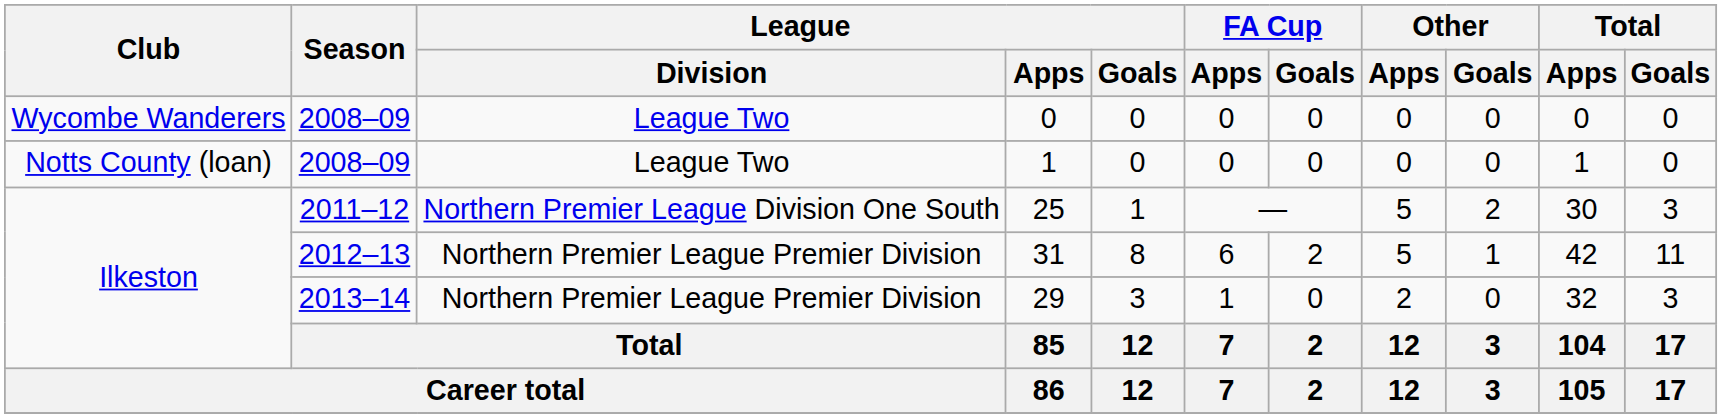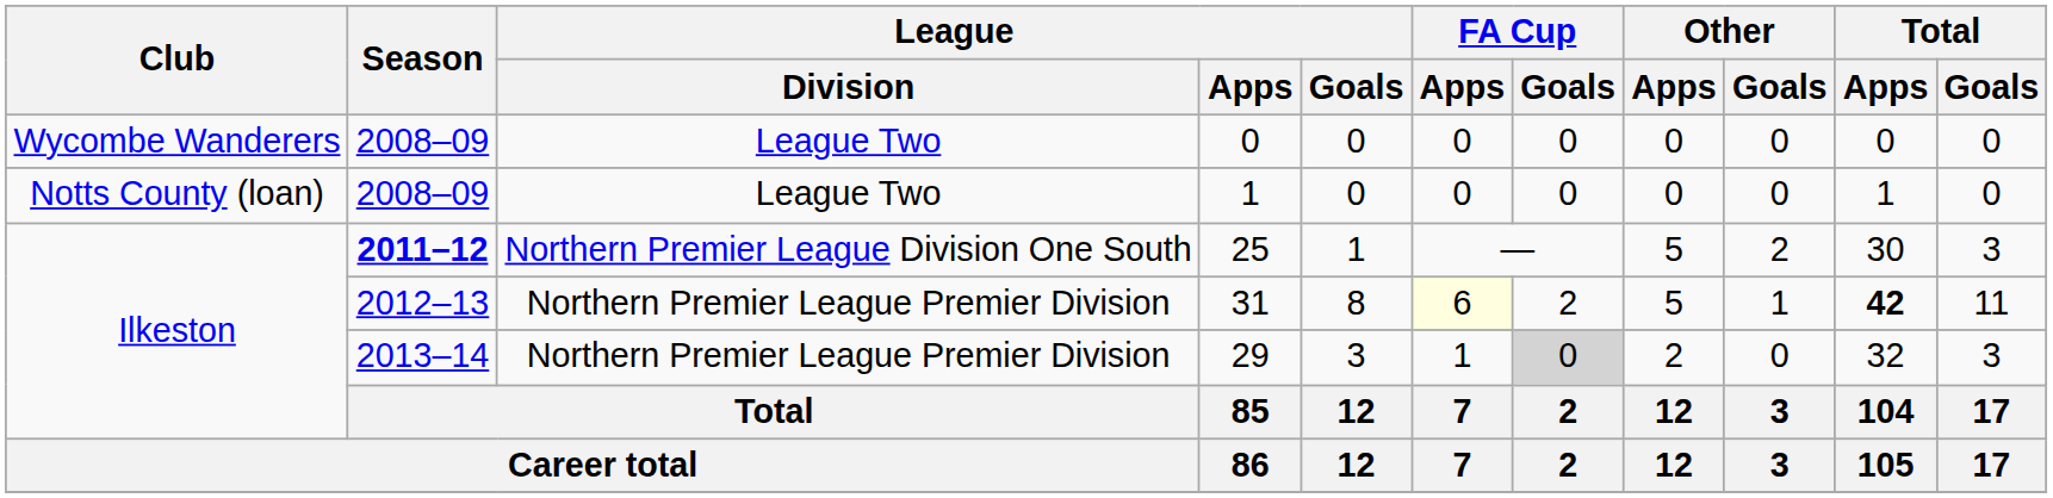 <table class=wikitable style="text-align:center">
 <tr>
 <th rowspan="2">Club</th>
 <th rowspan="2">Season</th>
 <th colspan="3">League</th>
 <th colspan="2"><a href='#'>FA Cup</a></th>
 <th colspan="2">Other</th>
 <th colspan="2">Total</th>
 </tr>
 <tr>
 <th>Division</th>
 <th>Apps</th>
 <th>Goals</th>
 <th>Apps</th>
 <th>Goals</th>
 <th>Apps</th>
 <th>Goals</th>
 <th>Apps</th>
 <th>Goals</th>
 </tr>
 <tr>
 <td><a href='#'>Wycombe Wanderers</a></td>
 <td><a href='#'>2008–09</a></td>
 <td><a href='#'>League Two</a></td>
 <td>0</td>
 <td>0</td>
 <td>0</td>
 <td>0</td>
 <td>0</td>
 <td>0</td>
 <td>0</td>
 <td>0</td>
 </tr>
 <tr>
 <td><a href='#'>Notts County</a> (loan)</td>
 <td><a href='#'>2008–09</a></td>
 <td>League Two</td>
 <td>1</td>
 <td>0</td>
 <td>0</td>
 <td>0</td>
 <td>0</td>
 <td>0</td>
 <td>1</td>
 <td>0</td>
 </tr>
 <tr>
 <td rowspan="4"><a href='#'>Ilkeston</a></td>
-<td><a href='#'>2011–12</a></td>
+<td><strong><a href='#'>2011–12</a></strong></td>
 <td><a href='#'>Northern Premier League</a> Division One South</td>
 <td>25</td>
 <td>1</td>
 <td colspan="2">—</td>
 <td>5</td>
 <td>2</td>
 <td>30</td>
 <td>3</td>
 </tr>
 <tr>
 <td><a href='#'>2012–13</a></td>
 <td>Northern Premier League Premier Division</td>
 <td>31</td>
 <td>8</td>
-<td>6</td>
+<td style="background: lightyellow;">6</td>
 <td>2</td>
 <td>5</td>
 <td>1</td>
-<td>42</td>
+<td><strong>42</strong></td>
 <td>11</td>
 </tr>
 <tr>
 <td><a href='#'>2013–14</a></td>
 <td>Northern Premier League Premier Division</td>
 <td>29</td>
 <td>3</td>
 <td>1</td>
-<td>0</td>
+<td style="background: lightgrey;">0</td>
 <td>2</td>
 <td>0</td>
 <td>32</td>
 <td>3</td>
 </tr>
 <tr>
 <th colspan="2">Total</th>
 <th>85</th>
 <th>12</th>
 <th>7</th>
 <th>2</th>
 <th>12</th>
 <th>3</th>
 <th>104</th>
 <th>17</th>
 </tr>
 <tr>
 <th colspan="3">Career total</th>
 <th>86</th>
 <th>12</th>
 <th>7</th>
 <th>2</th>
 <th>12</th>
 <th>3</th>
 <th>105</th>
 <th>17</th>
 </tr>
 <tr>
 </tr>
 </table>
